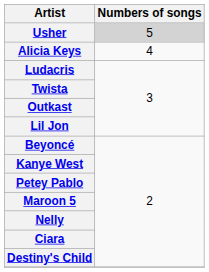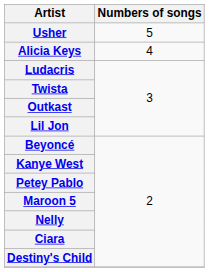 <table class="wikitable sortable plainrowheaders" style="text-align:center;">
 <tr>
 <th scope="col">Artist</th>
 <th scope="col">Numbers of songs</th>
 </tr>
 <tr>
 <th scope="row"><a href='#'>Usher</a></th>
-<td style="background: lightgrey;">5</td>
+<td>5</td>
 </tr>
 <tr>
 <th scope="row"><a href='#'>Alicia Keys</a></th>
 <td>4</td>
 </tr>
 <tr>
 <th scope="row"><a href='#'>Ludacris</a></th>
 <td rowspan="4">3</td>
 </tr>
 <tr>
 <th scope="row"><a href='#'>Twista</a></th>
 </tr>
 <tr>
 <th scope="row"><a href='#'>Outkast</a></th>
 </tr>
 <tr>
 <th scope="row"><a href='#'>Lil Jon</a></th>
 </tr>
 <tr>
 <th scope="row"><a href='#'>Beyoncé</a></th>
 <td rowspan="7">2</td>
 </tr>
 <tr>
 <th scope="row"><a href='#'>Kanye West</a></th>
 </tr>
 <tr>
 <th scope="row"><a href='#'>Petey Pablo</a></th>
 </tr>
 <tr>
 <th scope="row"><a href='#'>Maroon 5</a></th>
 </tr>
 <tr>
 <th scope="row"><a href='#'>Nelly</a></th>
 </tr>
 <tr>
 <th scope="row"><a href='#'>Ciara</a></th>
 </tr>
 <tr>
 <th scope="row"><a href='#'>Destiny's Child</a></th>
 </tr>
 <tr>
 </tr>
 </table>
